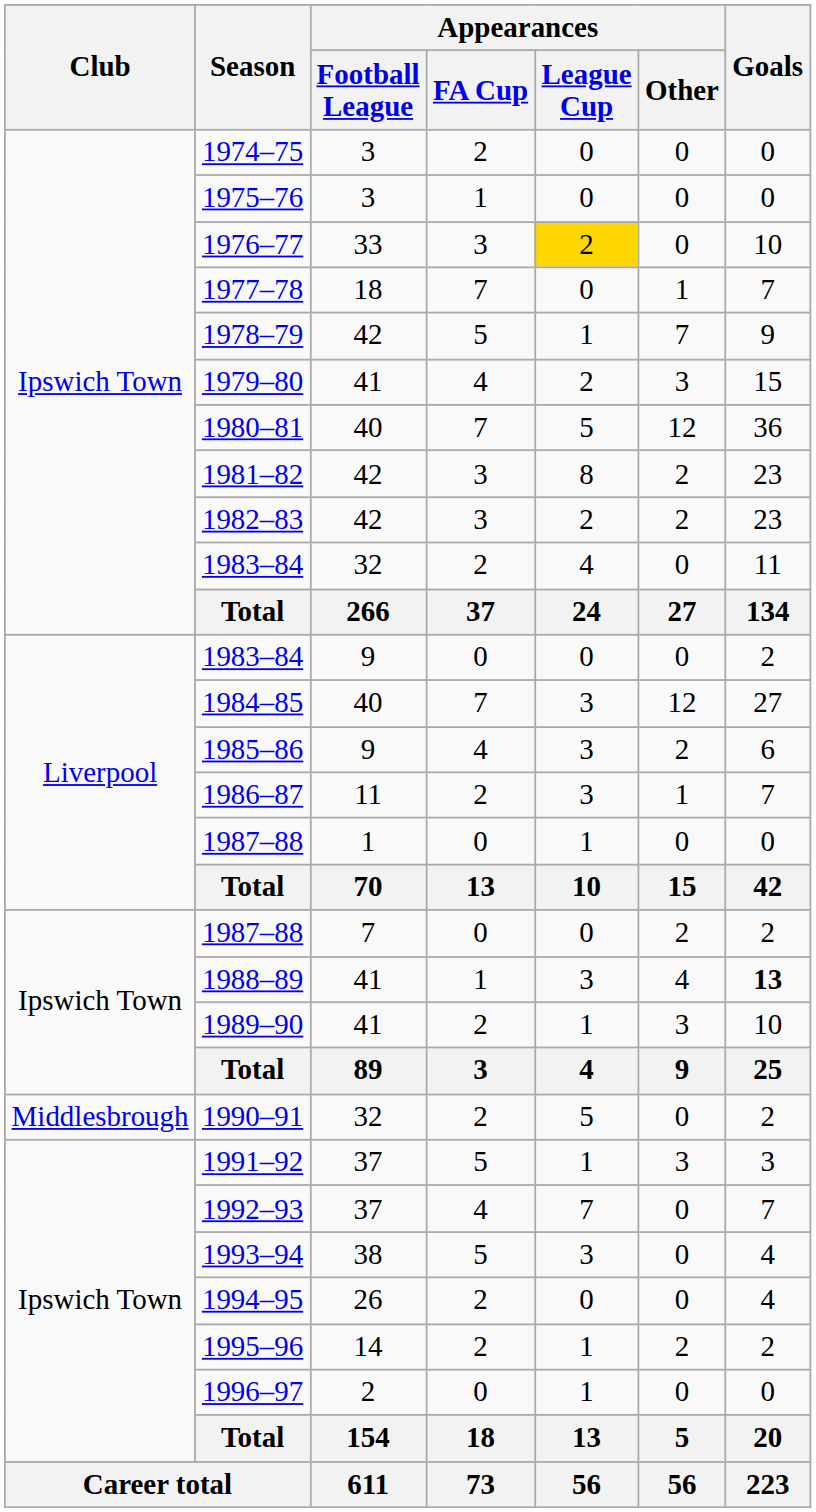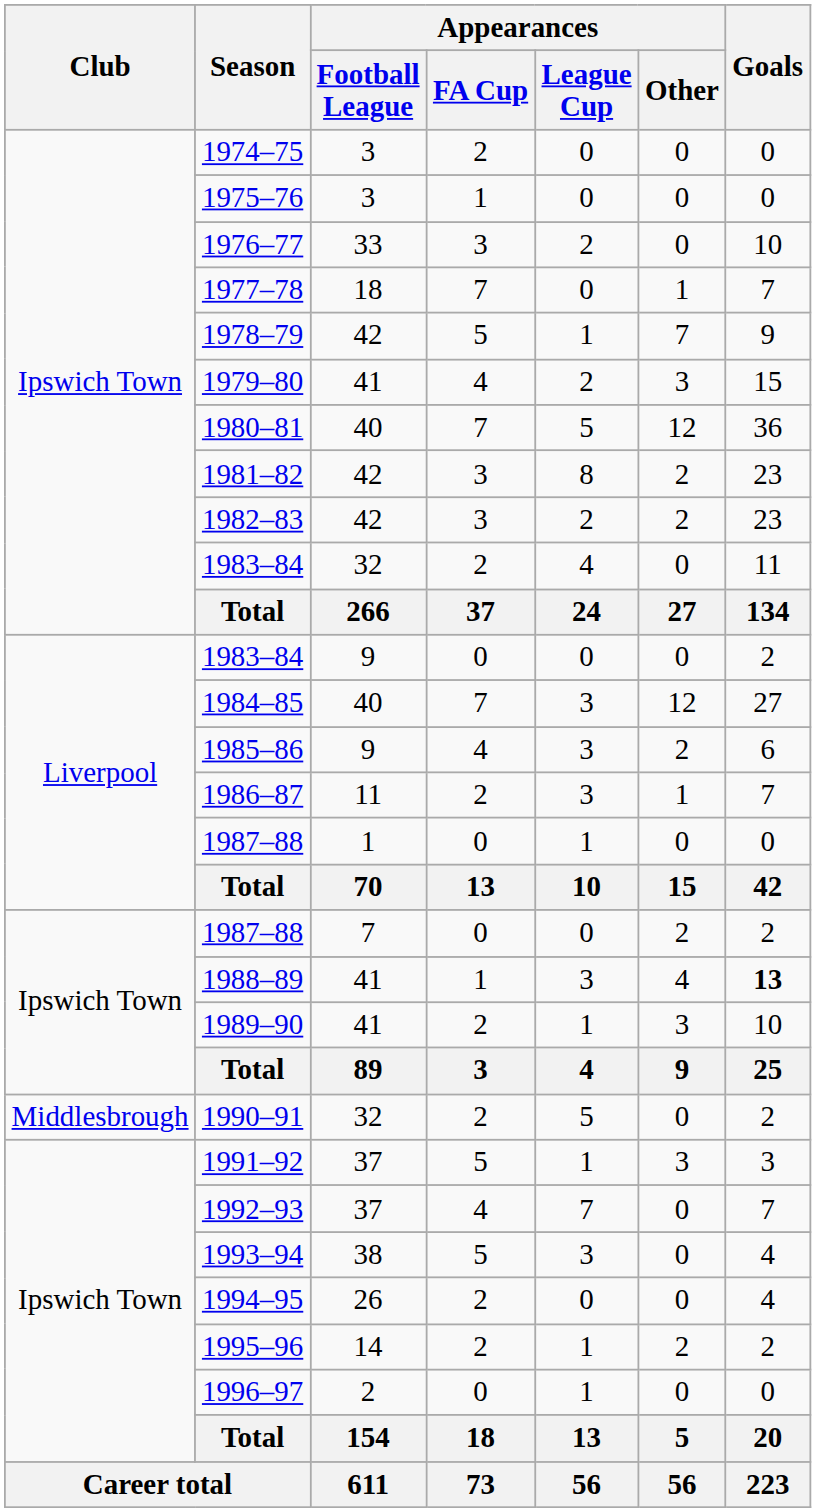 <table class="wikitable" style="text-align:center">
 <tr>
 <th rowspan="2">Club</th>
 <th rowspan="2">Season</th>
 <th colspan="4">Appearances</th>
 <th rowspan="2">Goals</th>
 </tr>
 <tr>
 <th><a href='#'>Football<br>League</a></th>
 <th><a href='#'>FA Cup</a></th>
 <th><a href='#'>League<br>Cup</a></th>
 <th>Other</th>
 </tr>
 <tr>
 <td rowspan="11"><a href='#'>Ipswich Town</a></td>
 <td><a href='#'>1974–75</a></td>
 <td>3</td>
 <td>2</td>
 <td>0</td>
 <td>0</td>
 <td>0</td>
 </tr>
 <tr>
 <td><a href='#'>1975–76</a></td>
 <td>3</td>
 <td>1</td>
 <td>0</td>
 <td>0</td>
 <td>0</td>
 </tr>
 <tr>
 <td><a href='#'>1976–77</a></td>
 <td>33</td>
 <td>3</td>
-<td style="background: gold;">2</td>
+<td>2</td>
 <td>0</td>
 <td>10</td>
 </tr>
 <tr>
 <td><a href='#'>1977–78</a></td>
 <td>18</td>
 <td>7</td>
 <td>0</td>
 <td>1</td>
 <td>7</td>
 </tr>
 <tr>
 <td><a href='#'>1978–79</a></td>
 <td>42</td>
 <td>5</td>
 <td>1</td>
 <td>7</td>
 <td>9</td>
 </tr>
 <tr>
 <td><a href='#'>1979–80</a></td>
 <td>41</td>
 <td>4</td>
 <td>2</td>
 <td>3</td>
 <td>15</td>
 </tr>
 <tr>
 <td><a href='#'>1980–81</a></td>
 <td>40</td>
 <td>7</td>
 <td>5</td>
 <td>12</td>
 <td>36</td>
 </tr>
 <tr>
 <td><a href='#'>1981–82</a></td>
 <td>42</td>
 <td>3</td>
 <td>8</td>
 <td>2</td>
 <td>23</td>
 </tr>
 <tr>
 <td><a href='#'>1982–83</a></td>
 <td>42</td>
 <td>3</td>
 <td>2</td>
 <td>2</td>
 <td>23</td>
 </tr>
 <tr>
 <td><a href='#'>1983–84</a></td>
 <td>32</td>
 <td>2</td>
 <td>4</td>
 <td>0</td>
 <td>11</td>
 </tr>
 <tr>
 <th>Total</th>
 <th>266</th>
 <th>37</th>
 <th>24</th>
 <th>27</th>
 <th>134</th>
 </tr>
 <tr>
 <td rowspan="6"><a href='#'>Liverpool</a></td>
 <td><a href='#'>1983–84</a></td>
 <td>9</td>
 <td>0</td>
 <td>0</td>
 <td>0</td>
 <td>2</td>
 </tr>
 <tr>
 <td><a href='#'>1984–85</a></td>
 <td>40</td>
 <td>7</td>
 <td>3</td>
 <td>12</td>
 <td>27</td>
 </tr>
 <tr>
 <td><a href='#'>1985–86</a></td>
 <td>9</td>
 <td>4</td>
 <td>3</td>
 <td>2</td>
 <td>6</td>
 </tr>
 <tr>
 <td><a href='#'>1986–87</a></td>
 <td>11</td>
 <td>2</td>
 <td>3</td>
 <td>1</td>
 <td>7</td>
 </tr>
 <tr>
 <td><a href='#'>1987–88</a></td>
 <td>1</td>
 <td>0</td>
 <td>1</td>
 <td>0</td>
 <td>0</td>
 </tr>
 <tr>
 <th>Total</th>
 <th>70</th>
 <th>13</th>
 <th>10</th>
 <th>15</th>
 <th>42</th>
 </tr>
 <tr>
 <td rowspan="4">Ipswich Town</td>
 <td><a href='#'>1987–88</a></td>
 <td>7</td>
 <td>0</td>
 <td>0</td>
 <td>2</td>
 <td>2</td>
 </tr>
 <tr>
 <td><a href='#'>1988–89</a></td>
 <td>41</td>
 <td>1</td>
 <td>3</td>
 <td>4</td>
 <td><strong>13</strong></td>
 </tr>
 <tr>
 <td><a href='#'>1989–90</a></td>
 <td>41</td>
 <td>2</td>
 <td>1</td>
 <td>3</td>
 <td>10</td>
 </tr>
 <tr>
 <th>Total</th>
 <th>89</th>
 <th>3</th>
 <th>4</th>
 <th>9</th>
 <th>25</th>
 </tr>
 <tr>
 <td><a href='#'>Middlesbrough</a></td>
 <td><a href='#'>1990–91</a></td>
 <td>32</td>
 <td>2</td>
 <td>5</td>
 <td>0</td>
 <td>2</td>
 </tr>
 <tr>
 <td rowspan="7">Ipswich Town</td>
 <td><a href='#'>1991–92</a></td>
 <td>37</td>
 <td>5</td>
 <td>1</td>
 <td>3</td>
 <td>3</td>
 </tr>
 <tr>
 <td><a href='#'>1992–93</a></td>
 <td>37</td>
 <td>4</td>
 <td>7</td>
 <td>0</td>
 <td>7</td>
 </tr>
 <tr>
 <td><a href='#'>1993–94</a></td>
 <td>38</td>
 <td>5</td>
 <td>3</td>
 <td>0</td>
 <td>4</td>
 </tr>
 <tr>
 <td><a href='#'>1994–95</a></td>
 <td>26</td>
 <td>2</td>
 <td>0</td>
 <td>0</td>
 <td>4</td>
 </tr>
 <tr>
 <td><a href='#'>1995–96</a></td>
 <td>14</td>
 <td>2</td>
 <td>1</td>
 <td>2</td>
 <td>2</td>
 </tr>
 <tr>
 <td><a href='#'>1996–97</a></td>
 <td>2</td>
 <td>0</td>
 <td>1</td>
 <td>0</td>
 <td>0</td>
 </tr>
 <tr>
 <th>Total</th>
 <th>154</th>
 <th>18</th>
 <th>13</th>
 <th>5</th>
 <th>20</th>
 </tr>
 <tr>
 <th colspan="2">Career total</th>
 <th>611</th>
 <th>73</th>
 <th>56</th>
 <th>56</th>
 <th>223</th>
 </tr>
 </table>
